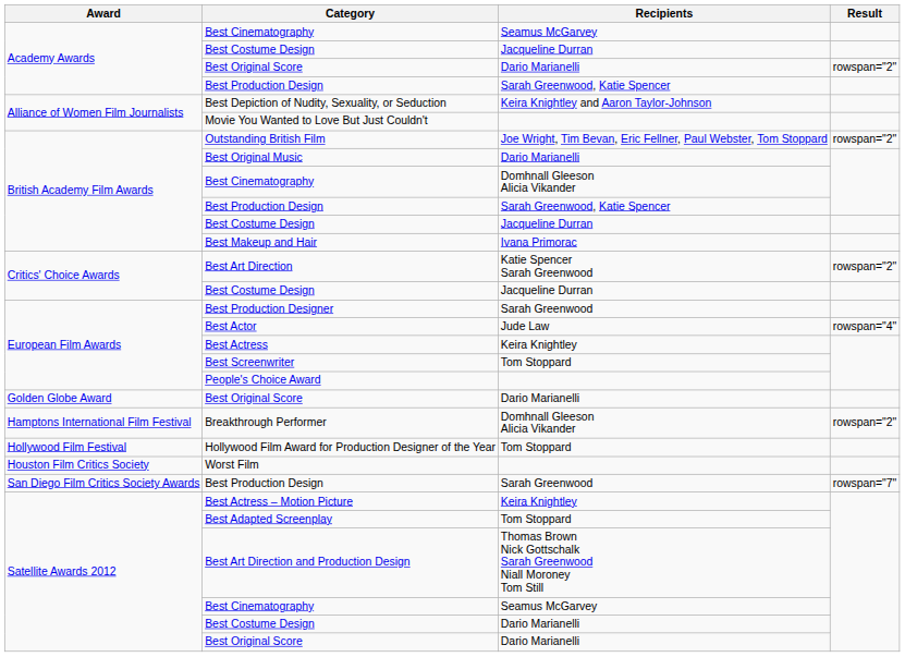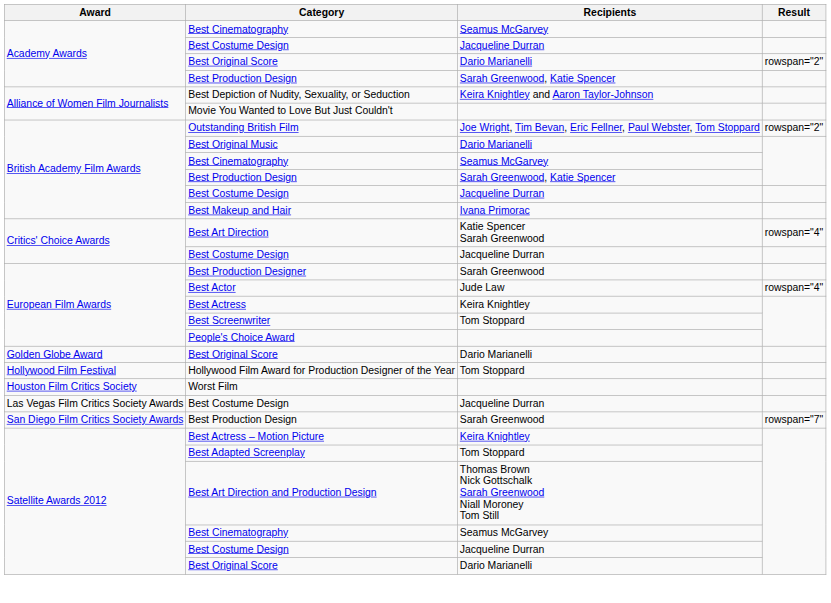 <table class="wikitable">
 <tr>
 <th>Award</th>
 <th>Category</th>
 <th>Recipients</th>
 <th>Result</th>
 </tr>
 <tr>
 <td rowspan="4"><a href='#'>Academy Awards</a></td>
 <td><a href='#'>Best Cinematography</a></td>
 <td><a href='#'>Seamus McGarvey</a></td>
 <td></td>
 </tr>
 <tr>
 <td><a href='#'>Best Costume Design</a></td>
 <td><a href='#'>Jacqueline Durran</a></td>
 <td></td>
 </tr>
 <tr>
 <td><a href='#'>Best Original Score</a></td>
 <td><a href='#'>Dario Marianelli</a></td>
 <td>rowspan="2" </td>
 </tr>
 <tr>
 <td><a href='#'>Best Production Design</a></td>
 <td><a href='#'>Sarah Greenwood</a>, <a href='#'>Katie Spencer</a></td>
 </tr>
 <tr>
 <td rowspan="2"><a href='#'>Alliance of Women Film Journalists</a></td>
 <td>Best Depiction of Nudity, Sexuality, or Seduction</td>
 <td><a href='#'>Keira Knightley</a> and <a href='#'>Aaron Taylor-Johnson</a></td>
 <td></td>
 </tr>
 <tr>
 <td>Movie You Wanted to Love But Just Couldn't</td>
 <td></td>
 <td></td>
 </tr>
 <tr>
 <td rowspan="6"><a href='#'>British Academy Film Awards</a></td>
 <td><a href='#'>Outstanding British Film</a></td>
 <td><a href='#'>Joe Wright</a>, <a href='#'>Tim Bevan</a>, <a href='#'>Eric Fellner</a>, <a href='#'>Paul Webster</a>, <a href='#'>Tom Stoppard</a></td>
 <td>rowspan="2" </td>
 </tr>
 <tr>
 <td><a href='#'>Best Original Music</a></td>
 <td><a href='#'>Dario Marianelli</a></td>
 </tr>
 <tr>
 <td><a href='#'>Best Cinematography</a></td>
-<td>Domhnall Gleeson<br>Alicia Vikander</td>
+<td><a href='#'>Seamus McGarvey</a></td>
 </tr>
 <tr>
 <td><a href='#'>Best Production Design</a></td>
 <td><a href='#'>Sarah Greenwood</a>, <a href='#'>Katie Spencer</a></td>
 </tr>
 <tr>
 <td><a href='#'>Best Costume Design</a></td>
 <td><a href='#'>Jacqueline Durran</a></td>
 <td></td>
 </tr>
 <tr>
 <td><a href='#'>Best Makeup and Hair</a></td>
 <td><a href='#'>Ivana Primorac</a></td>
 <td></td>
 </tr>
 <tr>
 <td rowspan="2"><a href='#'>Critics' Choice Awards</a></td>
 <td><a href='#'>Best Art Direction</a></td>
 <td>Katie Spencer<br>Sarah Greenwood</td>
-<td>rowspan="2" </td>
+<td>rowspan="4" </td>
 </tr>
 <tr>
 <td><a href='#'>Best Costume Design</a></td>
 <td>Jacqueline Durran</td>
 </tr>
 <tr>
 <td rowspan="5"><a href='#'>European Film Awards</a></td>
 <td><a href='#'>Best Production Designer</a></td>
 <td>Sarah Greenwood</td>
 <td></td>
 </tr>
 <tr>
 <td><a href='#'>Best Actor</a></td>
 <td>Jude Law</td>
 <td>rowspan="4" </td>
 </tr>
 <tr>
 <td><a href='#'>Best Actress</a></td>
 <td>Keira Knightley</td>
 </tr>
 <tr>
 <td><a href='#'>Best Screenwriter</a></td>
 <td>Tom Stoppard</td>
 </tr>
 <tr>
 <td><a href='#'>People's Choice Award</a></td>
 <td></td>
 </tr>
 <tr>
 <td><a href='#'>Golden Globe Award</a></td>
 <td><a href='#'>Best Original Score</a></td>
 <td>Dario Marianelli</td>
 <td></td>
 </tr>
 <tr>
-<td><a href='#'>Hamptons International Film Festival</a></td>
-<td>Breakthrough Performer</td>
-<td>Domhnall Gleeson<br>Alicia Vikander</td>
-<td>rowspan="2" </td>
-</tr>
-<tr>
 <td><a href='#'>Hollywood Film Festival</a></td>
 <td>Hollywood Film Award for Production Designer of the Year</td>
 <td>Tom Stoppard</td>
 </tr>
 <tr>
 <td><a href='#'>Houston Film Critics Society</a></td>
 <td>Worst Film</td>
 <td></td>
+<td></td>
+</tr>
+<tr>
+<td>Las Vegas Film Critics Society Awards</td>
+<td>Best Costume Design</td>
+<td>Jacqueline Durran</td>
 <td></td>
 </tr>
 <tr>
 <td><a href='#'>San Diego Film Critics Society Awards</a></td>
 <td>Best Production Design</td>
 <td>Sarah Greenwood</td>
 <td>rowspan="7" </td>
 </tr>
 <tr>
 <td rowspan="6"><a href='#'>Satellite Awards 2012</a></td>
 <td><a href='#'>Best Actress – Motion Picture</a></td>
 <td><a href='#'>Keira Knightley</a></td>
 </tr>
 <tr>
 <td><a href='#'>Best Adapted Screenplay</a></td>
 <td>Tom Stoppard</td>
 </tr>
 <tr>
 <td><a href='#'>Best Art Direction and Production Design</a></td>
 <td>Thomas Brown<br>Nick Gottschalk<br><a href='#'>Sarah Greenwood</a><br>Niall Moroney<br>Tom Still</td>
 </tr>
 <tr>
 <td><a href='#'>Best Cinematography</a></td>
 <td>Seamus McGarvey</td>
 </tr>
 <tr>
 <td><a href='#'>Best Costume Design</a></td>
-<td>Dario Marianelli</td>
+<td>Jacqueline Durran</td>
 </tr>
 <tr>
 <td><a href='#'>Best Original Score</a></td>
 <td>Dario Marianelli</td>
 </tr>
 </table>
